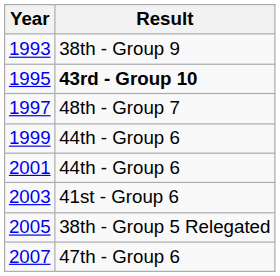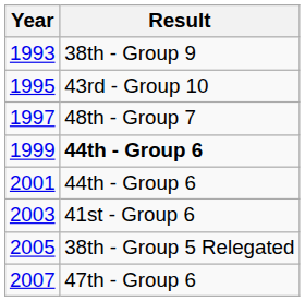 <table class="wikitable">
 <tr>
 <th>Year</th>
 <th>Result</th>
 </tr>
 <tr>
 <td><a href='#'>1993</a></td>
 <td>38th - Group 9</td>
 </tr>
 <tr>
 <td><a href='#'>1995</a></td>
-<td><strong>43rd - Group 10</strong></td>
+<td>43rd - Group 10</td>
 </tr>
 <tr>
 <td><a href='#'>1997</a></td>
 <td>48th - Group 7</td>
 </tr>
 <tr>
 <td><a href='#'>1999</a></td>
-<td>44th - Group 6</td>
+<td><strong>44th - Group 6</strong></td>
 </tr>
 <tr>
 <td><a href='#'>2001</a></td>
 <td>44th - Group 6</td>
 </tr>
 <tr>
 <td><a href='#'>2003</a></td>
 <td>41st - Group 6</td>
 </tr>
 <tr>
 <td><a href='#'>2005</a></td>
 <td>38th - Group 5 Relegated</td>
 </tr>
 <tr>
 <td><a href='#'>2007</a></td>
 <td>47th - Group 6</td>
 </tr>
 </table>
